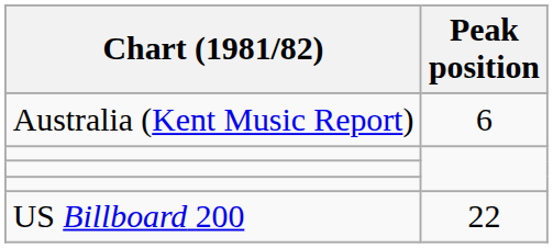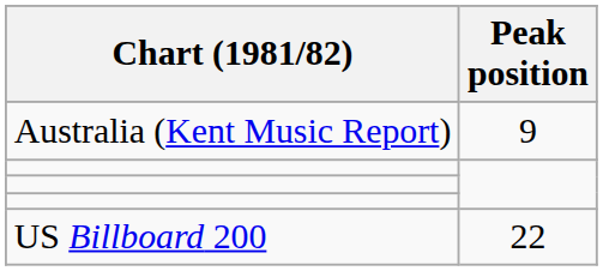 <table class="wikitable">
 <tr>
 <th scope="col">Chart (1981/82)</th>
 <th>Peak<br>position</th>
 </tr>
 <tr>
 <td>Australia (<a href='#'>Kent Music Report</a>)</td>
-<td style="text-align:center;">6</td>
+<td style="text-align:center;">9</td>
 </tr>
 <tr>
 <td></td>
 </tr>
 <tr>
 <td></td>
 </tr>
 <tr>
 <td></td>
 </tr>
 <tr>
 <td>US <a href='#'><em>Billboard</em> 200</a></td>
 <td style="text-align:center;">22</td>
 </tr>
 </table>
